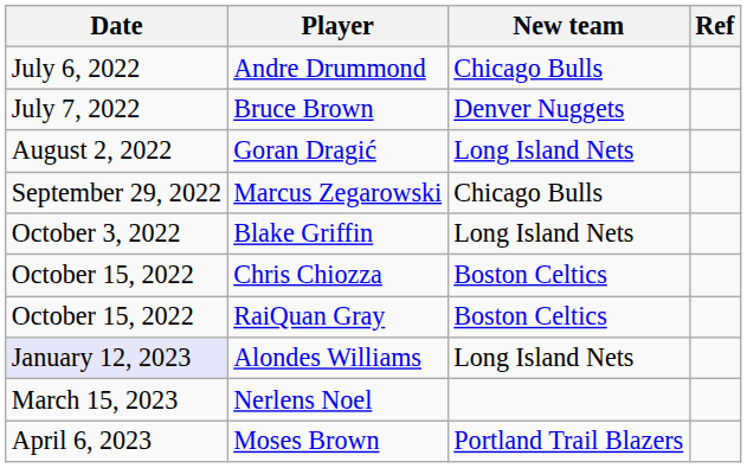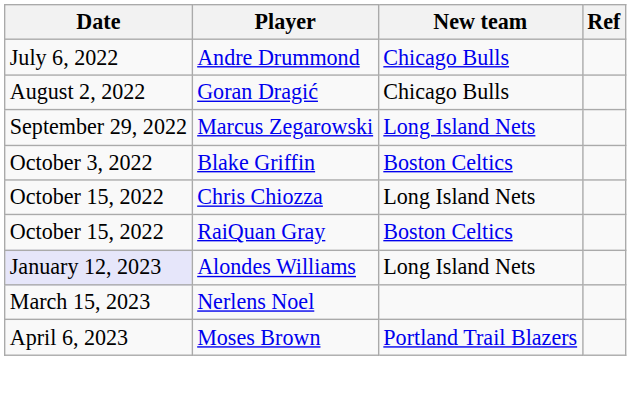 <table class="wikitable" style="text-align:left;">
 <tr>
 <th>Date</th>
 <th>Player</th>
 <th>New team</th>
 <th>Ref</th>
 </tr>
 <tr>
 <td>July 6, 2022</td>
 <td><a href='#'>Andre Drummond</a></td>
 <td><a href='#'>Chicago Bulls</a></td>
 <td></td>
 </tr>
 <tr>
-<td>July 7, 2022</td>
-<td><a href='#'>Bruce Brown</a></td>
-<td><a href='#'>Denver Nuggets</a></td>
-<td></td>
-</tr>
-<tr>
 <td>August 2, 2022</td>
 <td><a href='#'>Goran Dragić</a></td>
-<td><a href='#'>Long Island Nets</a></td>
+<td>Chicago Bulls</td>
 <td></td>
 </tr>
 <tr>
 <td>September 29, 2022</td>
 <td><a href='#'>Marcus Zegarowski</a></td>
-<td>Chicago Bulls</td>
+<td><a href='#'>Long Island Nets</a></td>
 <td></td>
 </tr>
 <tr>
 <td>October 3, 2022</td>
 <td><a href='#'>Blake Griffin</a></td>
-<td>Long Island Nets</td>
+<td><a href='#'>Boston Celtics</a></td>
 <td></td>
 </tr>
 <tr>
 <td>October 15, 2022</td>
 <td><a href='#'>Chris Chiozza</a></td>
-<td><a href='#'>Boston Celtics</a></td>
+<td>Long Island Nets</td>
 <td></td>
 </tr>
 <tr>
 <td>October 15, 2022</td>
 <td><a href='#'>RaiQuan Gray</a></td>
 <td><a href='#'>Boston Celtics</a></td>
 <td></td>
 </tr>
 <tr>
 <td style="background: lavender;">January 12, 2023</td>
 <td><a href='#'>Alondes Williams</a></td>
 <td>Long Island Nets</td>
 <td></td>
 </tr>
 <tr>
 <td>March 15, 2023</td>
 <td><a href='#'>Nerlens Noel</a></td>
 <td></td>
 <td></td>
 </tr>
 <tr>
 <td>April 6, 2023</td>
 <td><a href='#'>Moses Brown</a></td>
 <td><a href='#'>Portland Trail Blazers</a></td>
 <td></td>
 </tr>
 </table>
